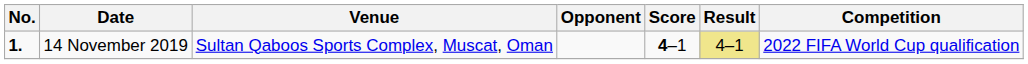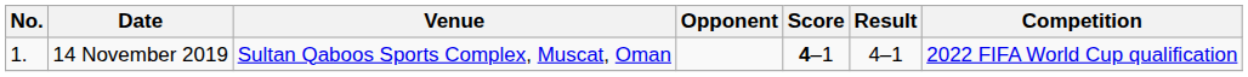 <table class="wikitable">
 <tr>
 <th>No.</th>
 <th>Date</th>
 <th>Venue</th>
 <th>Opponent</th>
 <th>Score</th>
 <th>Result</th>
 <th>Competition</th>
 </tr>
 <tr>
-<td><strong>1.</strong></td>
+<td>1.</td>
 <td>14 November 2019</td>
 <td><a href='#'>Sultan Qaboos Sports Complex</a>, <a href='#'>Muscat</a>, <a href='#'>Oman</a></td>
 <td></td>
 <td align=center><strong>4</strong>–1</td>
-<td align=center style="background: khaki;">4–1</td>
+<td align=center>4–1</td>
 <td><a href='#'>2022 FIFA World Cup qualification</a></td>
 </tr>
 <tr>
 </tr>
 </table>
